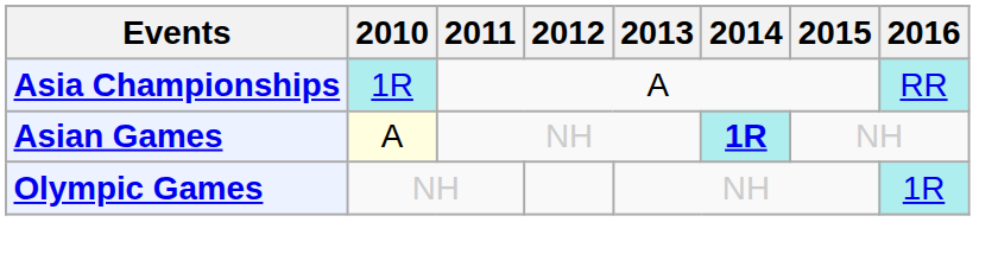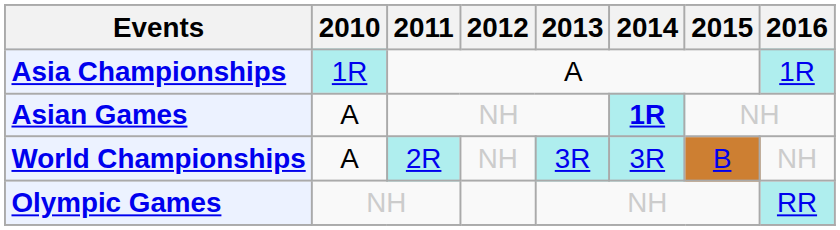 <table class="wikitable" style="font-size: 90%; text-align:center">
 <tr>
 <th>Events</th>
 <th>2010</th>
 <th>2011</th>
 <th>2012</th>
 <th>2013</th>
 <th>2014</th>
 <th>2015</th>
 <th>2016</th>
 </tr>
 <tr>
 <td bgcolor="#ECF2FF"; align="left"><strong><a href='#'>Asia Championships</a></strong></td>
 <td bgcolor=AFEEEE><a href='#'>1R</a></td>
 <td colspan="5">A</td>
-<td bgcolor=AFEEEE><a href='#'>RR</a></td>
+<td bgcolor=AFEEEE><a href='#'>1R</a></td>
 </tr>
 <tr>
 <td bgcolor="#ECF2FF"; align="left"><strong><a href='#'>Asian Games</a></strong></td>
-<td style="background: lightyellow;">A</td>
+<td>A</td>
 <td colspan="3" style="color:#ccc;">NH</td>
 <td bgcolor=AFEEEE><strong><a href='#'>1R</a></strong></td>
 <td colspan="2" style="color:#ccc;">NH</td>
+</tr>
+<tr>
+<td bgcolor="#ECF2FF"; align="left"><strong><a href='#'>World Championships</a></strong></td>
+<td>A</td>
+<td bgcolor=AFEEEE><a href='#'>2R</a></td>
+<td style="color:#ccc;">NH</td>
+<td bgcolor=AFEEEE><a href='#'>3R</a></td>
+<td bgcolor=AFEEEE><a href='#'>3R</a></td>
+<td bgcolor=CD7F32><a href='#'>B</a></td>
+<td style="color:#ccc;">NH</td>
 </tr>
 <tr>
 <td bgcolor="#ECF2FF"; align="left"><strong><a href='#'>Olympic Games</a></strong></td>
 <td colspan="2" style=color:#ccc>NH</td>
 <td></td>
 <td colspan="3" style=color:#ccc>NH</td>
-<td bgcolor=AFEEEE><a href='#'>1R</a></td>
+<td bgcolor=AFEEEE><a href='#'>RR</a></td>
 </tr>
 </table>
